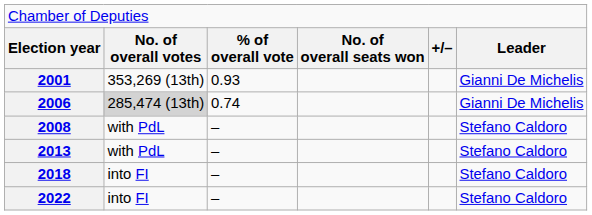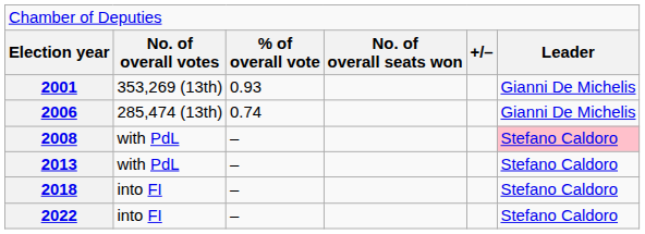 <table class=wikitable>
 <tr>
 <td colspan=7><a href='#'>Chamber of Deputies</a></td>
 </tr>
 <tr>
 <th>Election year</th>
 <th>No. of<br>overall votes</th>
 <th>% of<br>overall vote</th>
 <th>No. of<br>overall seats won</th>
 <th>+/–</th>
 <th>Leader</th>
 </tr>
 <tr>
 <th><a href='#'>2001</a></th>
 <td>353,269 (13th)</td>
 <td>0.93</td>
 <td></td>
 <td></td>
 <td><a href='#'>Gianni De Michelis</a></td>
 </tr>
 <tr>
 <th><a href='#'>2006</a></th>
-<td style="background: lightgrey;">285,474 (13th)</td>
+<td>285,474 (13th)</td>
 <td>0.74</td>
 <td></td>
 <td></td>
 <td><a href='#'>Gianni De Michelis</a></td>
 </tr>
 <tr>
 <th><a href='#'>2008</a></th>
 <td>with <a href='#'>PdL</a></td>
 <td>–</td>
 <td></td>
 <td></td>
-<td><a href='#'>Stefano Caldoro</a></td>
+<td style="background: pink;"><a href='#'>Stefano Caldoro</a></td>
 </tr>
 <tr>
 <th><a href='#'>2013</a></th>
 <td>with <a href='#'>PdL</a></td>
 <td>–</td>
 <td></td>
 <td></td>
 <td><a href='#'>Stefano Caldoro</a></td>
 </tr>
 <tr>
 <th><a href='#'>2018</a></th>
 <td>into <a href='#'>FI</a></td>
 <td>–</td>
 <td></td>
 <td></td>
 <td><a href='#'>Stefano Caldoro</a></td>
 </tr>
 <tr>
 <th><a href='#'>2022</a></th>
 <td>into <a href='#'>FI</a></td>
 <td>–</td>
 <td></td>
 <td></td>
 <td><a href='#'>Stefano Caldoro</a></td>
 </tr>
 </table>
